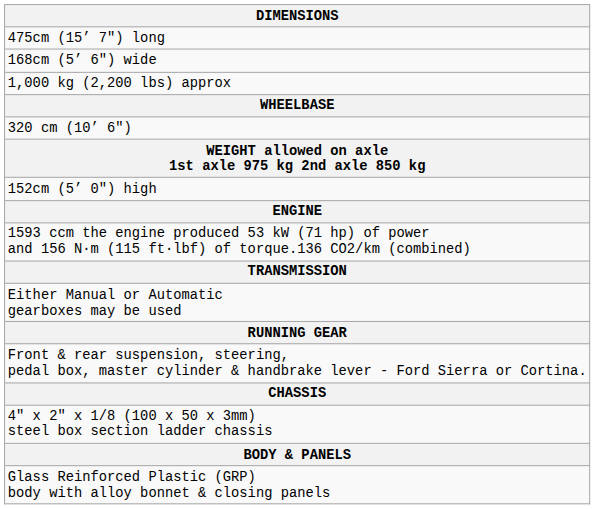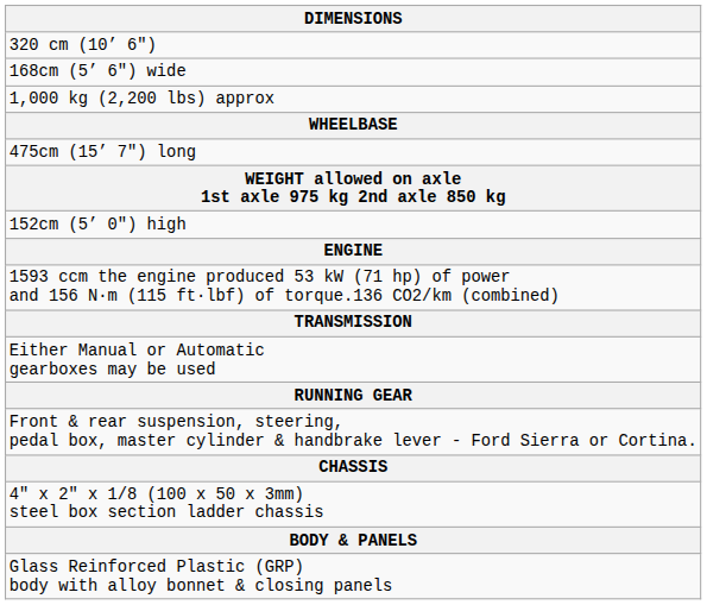 <table class="wikitable">
 <tr>
 <th>DIMENSIONS</th>
 </tr>
 <tr>
-<td>475cm (15’ 7") long</td>
+<td>320 cm (10’ 6")</td>
 </tr>
 <tr>
 <td>168cm (5’ 6") wide</td>
 </tr>
 <tr>
 <td>1,000 kg (2,200 lbs) approx</td>
 </tr>
 <tr>
 <th>WHEELBASE</th>
 </tr>
 <tr>
-<td>320 cm (10’ 6")</td>
+<td>475cm (15’ 7") long</td>
 </tr>
 <tr>
 <th>WEIGHT  allowed on axle<br>1st axle 975 kg 2nd axle 850 kg</th>
 </tr>
 <tr>
 <td>152cm (5’ 0") high</td>
 </tr>
 <tr>
 <th>ENGINE</th>
 </tr>
 <tr>
 <td>1593 ccm the engine produced 53 kW (71 hp) of power<br>and 156 N·m (115 ft·lbf) of torque.136 CO2/km (combined)</td>
 </tr>
 <tr>
 <th>TRANSMISSION</th>
 </tr>
 <tr>
 <td>Either Manual or Automatic<br>gearboxes may be used</td>
 </tr>
 <tr>
 <th>RUNNING GEAR</th>
 </tr>
 <tr>
 <td>Front & rear suspension, steering,<br>pedal box, master cylinder &  handbrake lever -  Ford Sierra or Cortina.</td>
 </tr>
 <tr>
 <th>CHASSIS</th>
 </tr>
 <tr>
 <td>4" x 2" x 1/8 (100 x 50 x 3mm)<br>steel box section ladder chassis</td>
 </tr>
 <tr>
 <th>BODY & PANELS</th>
 </tr>
 <tr>
 <td>Glass Reinforced Plastic (GRP)<br>body with alloy bonnet & closing panels</td>
 </tr>
 </table>
